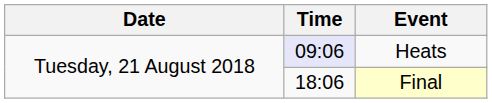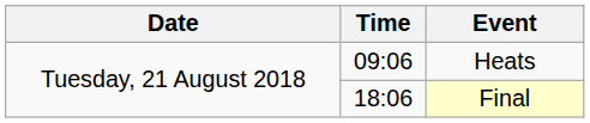 <table class = "wikitable" style="text-align:center;">
 <tr>
 <th width=220>Date</th>
 <th width=50>Time</th>
 <th width=100>Event</th>
 </tr>
 <tr>
 <td rowspan=2>Tuesday, 21 August 2018</td>
-<td style="background: lavender;">09:06</td>
+<td>09:06</td>
 <td>Heats</td>
 </tr>
 <tr>
 <td>18:06</td>
 <td bgcolor=ffffcc>Final</td>
 </tr>
 </table>
